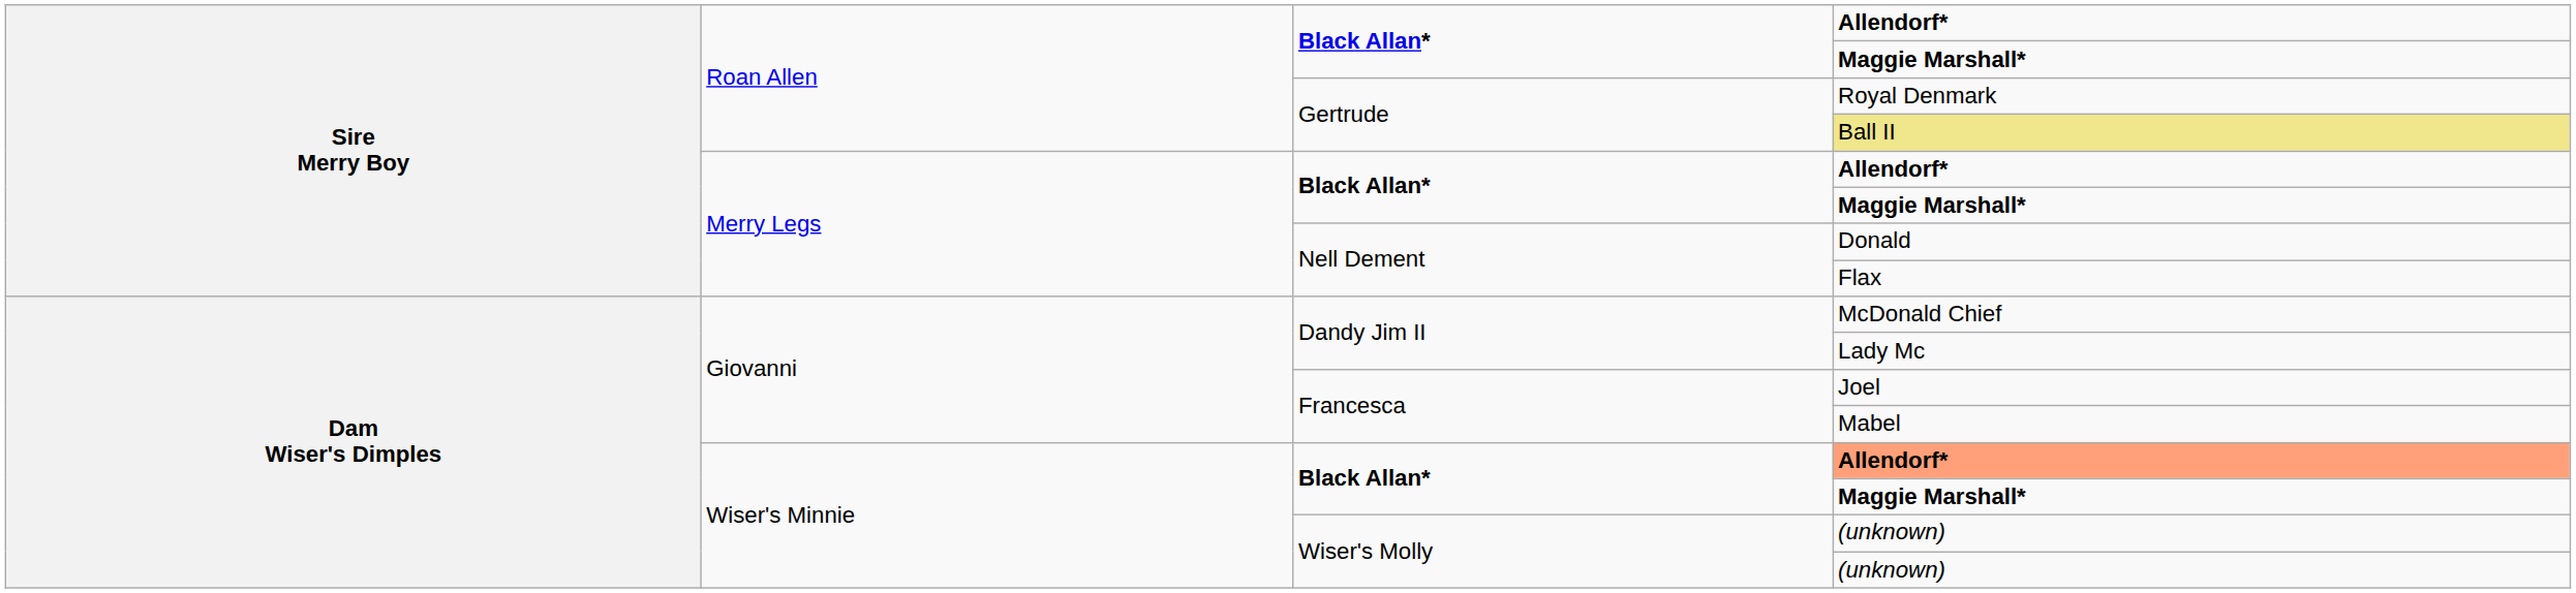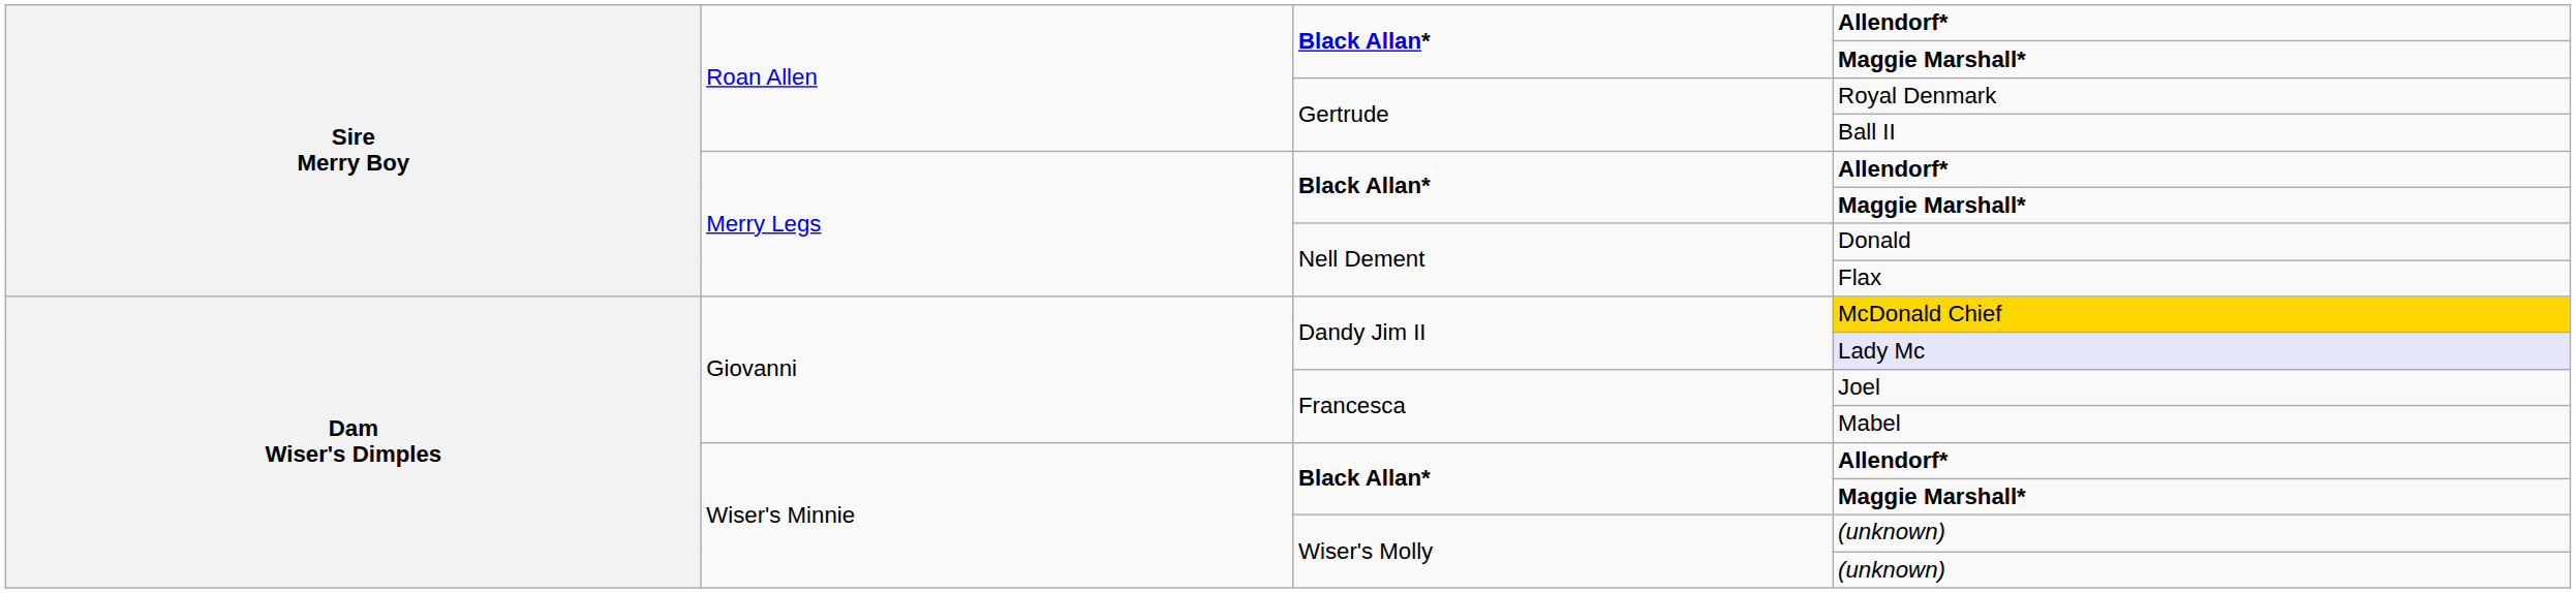 <table class="wikitable" style="clear:both; margin:0em auto; width:90%;">
 <tr>
 <th rowspan="8">Sire<br>Merry Boy</th>
 <td rowspan="4"><a href='#'>Roan Allen</a></td>
 <td rowspan="2"><strong><a href='#'>Black Allan</a>*</strong></td>
 <td><strong>Allendorf*</strong></td>
 </tr>
 <tr>
 <td><strong>Maggie Marshall*</strong></td>
 </tr>
 <tr>
 <td rowspan="2">Gertrude</td>
 <td>Royal Denmark</td>
 </tr>
 <tr>
-<td style="background: khaki;">Ball II</td>
+<td>Ball II</td>
 </tr>
 <tr>
 <td rowspan="4"><a href='#'>Merry Legs</a></td>
 <td rowspan="2"><strong>Black Allan*</strong></td>
 <td><strong>Allendorf*</strong></td>
 </tr>
 <tr>
 <td><strong>Maggie Marshall*</strong></td>
 </tr>
 <tr>
 <td rowspan="2">Nell Dement</td>
 <td>Donald</td>
 </tr>
 <tr>
 <td>Flax</td>
 </tr>
 <tr>
 <th rowspan="8">Dam<br>Wiser's Dimples</th>
 <td rowspan="4">Giovanni</td>
 <td rowspan="2">Dandy Jim II</td>
-<td>McDonald Chief</td>
+<td style="background: gold;">McDonald Chief</td>
 </tr>
 <tr>
-<td>Lady Mc</td>
+<td style="background: lavender;">Lady Mc</td>
 </tr>
 <tr>
 <td rowspan="2">Francesca</td>
 <td>Joel</td>
 </tr>
 <tr>
 <td>Mabel</td>
 </tr>
 <tr>
 <td rowspan="4">Wiser's Minnie</td>
 <td rowspan="2"><strong>Black Allan*</strong></td>
-<td style="background: lightsalmon;"><strong>Allendorf*</strong></td>
+<td><strong>Allendorf*</strong></td>
 </tr>
 <tr>
 <td><strong>Maggie Marshall*</strong></td>
 </tr>
 <tr>
 <td rowspan="2">Wiser's Molly</td>
 <td><span><em>(unknown)</em></span></td>
 </tr>
 <tr>
 <td><span><em>(unknown)</em></span></td>
 </tr>
 </table>
